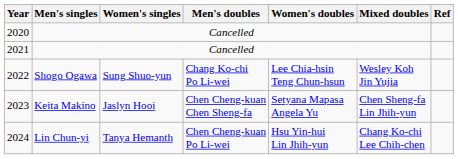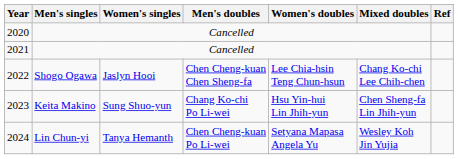 <table class=wikitable style="font-size:90%">
 <tr>
 <th>Year</th>
 <th>Men's singles</th>
 <th>Women's singles</th>
 <th>Men's doubles</th>
 <th>Women's doubles</th>
 <th>Mixed doubles</th>
 <th>Ref</th>
 </tr>
 <tr>
 <td>2020</td>
 <td colspan="5" align="center"><em>Cancelled</em></td>
 <td></td>
 </tr>
 <tr>
 <td>2021</td>
 <td colspan="5" align="center"><em>Cancelled</em></td>
 <td></td>
 </tr>
 <tr>
 <td>2022</td>
 <td> <a href='#'>Shogo Ogawa</a></td>
-<td> <a href='#'>Sung Shuo-yun</a></td>
-<td> <a href='#'>Chang Ko-chi</a><br> <a href='#'>Po Li-wei</a></td>
+<td> <a href='#'>Jaslyn Hooi</a></td>
+<td> <a href='#'>Chen Cheng-kuan</a><br> <a href='#'>Chen Sheng-fa</a></td>
 <td> <a href='#'>Lee Chia-hsin</a><br> <a href='#'>Teng Chun-hsun</a></td>
-<td> <a href='#'>Wesley Koh</a><br> <a href='#'>Jin Yujia</a></td>
+<td> <a href='#'>Chang Ko-chi</a><br> <a href='#'>Lee Chih-chen</a></td>
 <td></td>
 </tr>
 <tr>
 <td>2023</td>
 <td> <a href='#'>Keita Makino</a></td>
-<td> <a href='#'>Jaslyn Hooi</a></td>
-<td> <a href='#'>Chen Cheng-kuan</a><br> <a href='#'>Chen Sheng-fa</a></td>
-<td> <a href='#'>Setyana Mapasa</a><br> <a href='#'>Angela Yu</a></td>
+<td> <a href='#'>Sung Shuo-yun</a></td>
+<td> <a href='#'>Chang Ko-chi</a><br> <a href='#'>Po Li-wei</a></td>
+<td> <a href='#'>Hsu Yin-hui</a><br> <a href='#'>Lin Jhih-yun</a></td>
 <td> <a href='#'>Chen Sheng-fa</a><br> <a href='#'>Lin Jhih-yun</a></td>
 <td></td>
 </tr>
 <tr>
 <td>2024</td>
 <td> <a href='#'>Lin Chun-yi</a></td>
 <td> <a href='#'>Tanya Hemanth</a></td>
 <td> <a href='#'>Chen Cheng-kuan</a><br> <a href='#'>Po Li-wei</a></td>
-<td> <a href='#'>Hsu Yin-hui</a><br> <a href='#'>Lin Jhih-yun</a></td>
-<td> <a href='#'>Chang Ko-chi</a><br> <a href='#'>Lee Chih-chen</a></td>
+<td> <a href='#'>Setyana Mapasa</a><br> <a href='#'>Angela Yu</a></td>
+<td> <a href='#'>Wesley Koh</a><br> <a href='#'>Jin Yujia</a></td>
 <td></td>
 </tr>
 </table>
